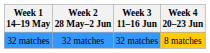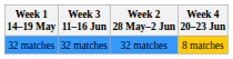 <table class="wikitable" style="margin:0.9em auto; font-size:90%; line-height:1.25em; width:800">
 <tr>
 <th>Week 1<br>14–19 May</th>
+<th>Week 3<br>11–16 Jun</th>
 <th>Week 2<br>28 May–2 Jun</th>
-<th>Week 3<br>11–16 Jun</th>
 <th>Week 4<br>20–23 Jun</th>
 </tr>
 <tr align="center">
 <td bgcolor=#3399ff>32 matches</td>
 <td bgcolor=#3399ff>32 matches</td>
 <td bgcolor=#3399ff>32 matches</td>
 <td bgcolor=#ffcc00>8 matches</td>
 </tr>
 </table>
